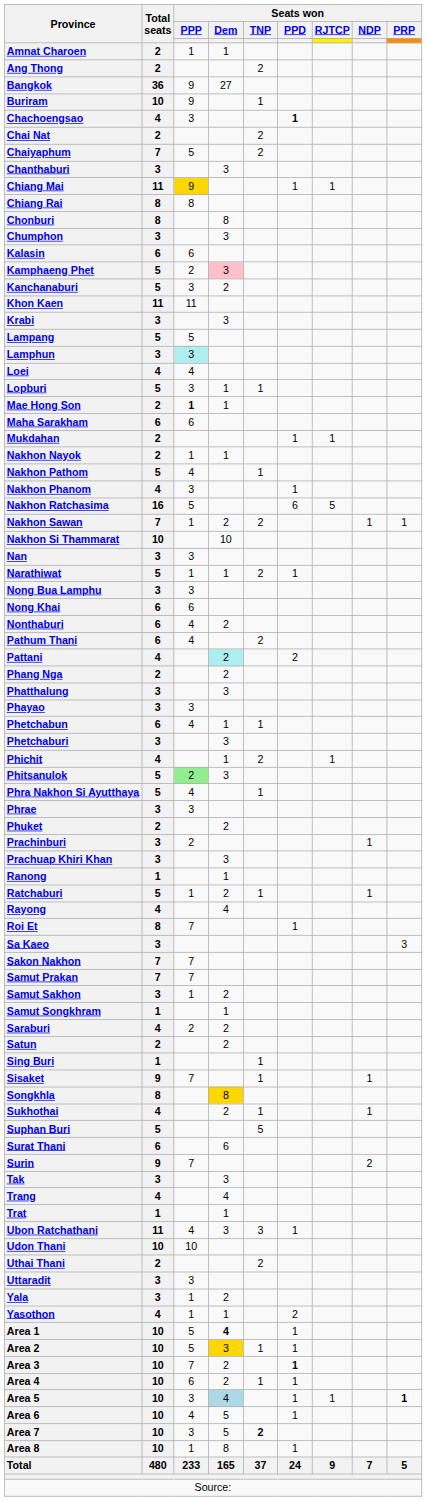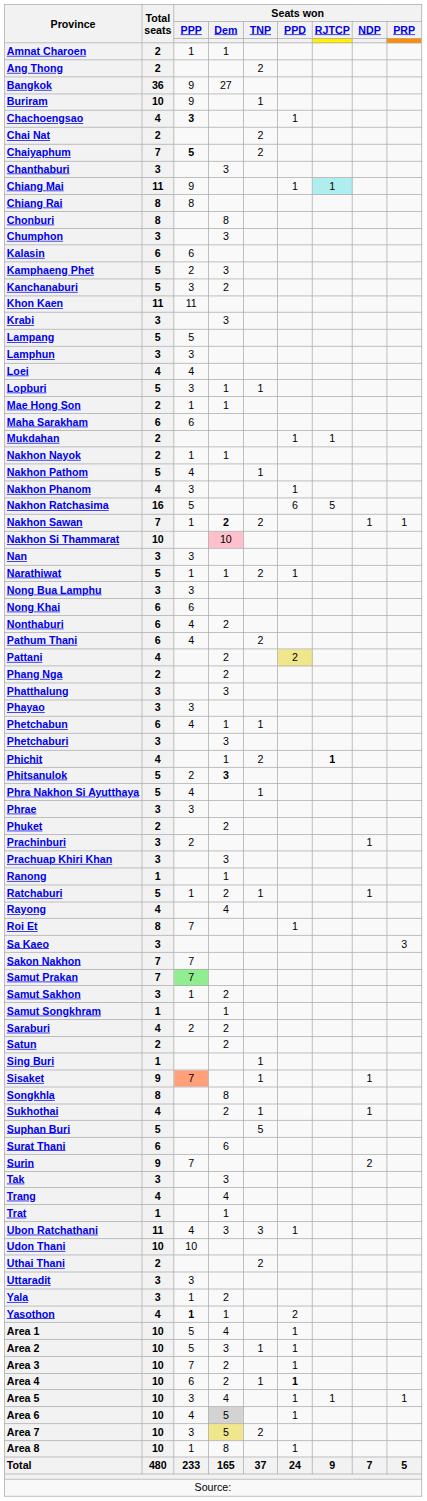 <table class="wikitable" style="text-align:center; font-size: 0.9em;">
 <tr>
 <th rowspan="3">Province</th>
 <th rowspan="3">Total<br>seats</th>
 <th colspan="7">Seats won</th>
 </tr>
 <tr>
 <th class="unsortable" style="width:40px;"><a href='#'>PPP</a></th>
 <th class="unsortable" style="width:40px;"><a href='#'>Dem</a></th>
 <th class="unsortable" style="width:40px;"><a href='#'>TNP</a></th>
 <th class="unsortable" style="width:40px;"><a href='#'>PPD</a></th>
 <th class="unsortable" style="width:40px;"><a href='#'>RJTCP</a></th>
 <th class="unsortable" style="width:40px;"><a href='#'>NDP</a></th>
 <th class="unsortable" style="width:40px;"><a href='#'>PRP</a></th>
 </tr>
 <tr>
 <th style="background:"></th>
 <th style="background:"></th>
 <th style="background:"></th>
 <th style="background:"></th>
 <th style="background:#FFEF00;"></th>
 <th style="background:"></th>
 <th style="background:#FF8C00;"></th>
 </tr>
 <tr>
 <th style="text-align: left;"><a href='#'>Amnat Charoen</a></th>
 <th>2</th>
 <td>1</td>
 <td>1</td>
 <td></td>
 <td></td>
 <td></td>
 <td></td>
 <td></td>
 </tr>
 <tr>
 <th style="text-align: left;"><a href='#'>Ang Thong</a></th>
 <th>2</th>
 <td></td>
 <td></td>
 <td>2</td>
 <td></td>
 <td></td>
 <td></td>
 <td></td>
 </tr>
 <tr>
 <th style="text-align: left;"><a href='#'>Bangkok</a></th>
 <th>36</th>
 <td>9</td>
 <td>27</td>
 <td></td>
 <td></td>
 <td></td>
 <td></td>
 <td></td>
 </tr>
 <tr>
 <th style="text-align: left;"><a href='#'>Buriram</a></th>
 <th>10</th>
 <td>9</td>
 <td></td>
 <td>1</td>
 <td></td>
 <td></td>
 <td></td>
 <td></td>
 </tr>
 <tr>
 <th style="text-align: left;"><a href='#'>Chachoengsao</a></th>
 <th>4</th>
-<td>3</td>
+<td><strong>3</strong></td>
 <td></td>
 <td></td>
-<td><strong>1</strong></td>
+<td>1</td>
 <td></td>
 <td></td>
 <td></td>
 </tr>
 <tr>
 <th style="text-align: left;"><a href='#'>Chai Nat</a></th>
 <th>2</th>
 <td></td>
 <td></td>
 <td>2</td>
 <td></td>
 <td></td>
 <td></td>
 <td></td>
 </tr>
 <tr>
 <th style="text-align: left;"><a href='#'>Chaiyaphum</a></th>
 <th>7</th>
-<td>5</td>
+<td><strong>5</strong></td>
 <td></td>
 <td>2</td>
 <td></td>
 <td></td>
 <td></td>
 <td></td>
 </tr>
 <tr>
 <th style="text-align: left;"><a href='#'>Chanthaburi</a></th>
 <th>3</th>
 <td></td>
 <td>3</td>
 <td></td>
 <td></td>
 <td></td>
 <td></td>
 <td></td>
 </tr>
 <tr>
 <th style="text-align: left;"><a href='#'>Chiang Mai</a></th>
 <th>11</th>
-<td style="background: gold;">9</td>
+<td>9</td>
 <td></td>
 <td></td>
 <td>1</td>
-<td>1</td>
+<td style="background: paleturquoise;">1</td>
 <td></td>
 <td></td>
 </tr>
 <tr>
 <th style="text-align: left;"><a href='#'>Chiang Rai</a></th>
 <th>8</th>
 <td>8</td>
 <td></td>
 <td></td>
 <td></td>
 <td></td>
 <td></td>
 <td></td>
 </tr>
 <tr>
 <th style="text-align: left;"><a href='#'>Chonburi</a></th>
 <th>8</th>
 <td></td>
 <td>8</td>
 <td></td>
 <td></td>
 <td></td>
 <td></td>
 <td></td>
 </tr>
 <tr>
 <th style="text-align: left;"><a href='#'>Chumphon</a></th>
 <th>3</th>
 <td></td>
 <td>3</td>
 <td></td>
 <td></td>
 <td></td>
 <td></td>
 <td></td>
 </tr>
 <tr>
 <th style="text-align: left;"><a href='#'>Kalasin</a></th>
 <th>6</th>
 <td>6</td>
 <td></td>
 <td></td>
 <td></td>
 <td></td>
 <td></td>
 <td></td>
 </tr>
 <tr>
 <th style="text-align: left;"><a href='#'>Kamphaeng Phet</a></th>
 <th>5</th>
 <td>2</td>
-<td style="background: pink;">3</td>
+<td>3</td>
 <td></td>
 <td></td>
 <td></td>
 <td></td>
 <td></td>
 </tr>
 <tr>
 <th style="text-align: left;"><a href='#'>Kanchanaburi</a></th>
 <th>5</th>
 <td>3</td>
 <td>2</td>
 <td></td>
 <td></td>
 <td></td>
 <td></td>
 <td></td>
 </tr>
 <tr>
 <th style="text-align: left;"><a href='#'>Khon Kaen</a></th>
 <th>11</th>
 <td>11</td>
 <td></td>
 <td></td>
 <td></td>
 <td></td>
 <td></td>
 <td></td>
 </tr>
 <tr>
 <th style="text-align: left;"><a href='#'>Krabi</a></th>
 <th>3</th>
 <td></td>
 <td>3</td>
 <td></td>
 <td></td>
 <td></td>
 <td></td>
 <td></td>
 </tr>
 <tr>
 <th style="text-align: left;"><a href='#'>Lampang</a></th>
 <th>5</th>
 <td>5</td>
 <td></td>
 <td></td>
 <td></td>
 <td></td>
 <td></td>
 <td></td>
 </tr>
 <tr>
 <th style="text-align: left;"><a href='#'>Lamphun</a></th>
 <th>3</th>
-<td style="background: paleturquoise;">3</td>
+<td>3</td>
 <td></td>
 <td></td>
 <td></td>
 <td></td>
 <td></td>
 <td></td>
 </tr>
 <tr>
 <th style="text-align: left;"><a href='#'>Loei</a></th>
 <th>4</th>
 <td>4</td>
 <td></td>
 <td></td>
 <td></td>
 <td></td>
 <td></td>
 <td></td>
 </tr>
 <tr>
 <th style="text-align: left;"><a href='#'>Lopburi</a></th>
 <th>5</th>
 <td>3</td>
 <td>1</td>
 <td>1</td>
 <td></td>
 <td></td>
 <td></td>
 <td></td>
 </tr>
 <tr>
 <th style="text-align: left;"><a href='#'>Mae Hong Son</a></th>
 <th>2</th>
-<td><strong>1</strong></td>
+<td>1</td>
 <td>1</td>
 <td></td>
 <td></td>
 <td></td>
 <td></td>
 <td></td>
 </tr>
 <tr>
 <th style="text-align: left;"><a href='#'>Maha Sarakham</a></th>
 <th>6</th>
 <td>6</td>
 <td></td>
 <td></td>
 <td></td>
 <td></td>
 <td></td>
 <td></td>
 </tr>
 <tr>
 <th style="text-align: left;"><a href='#'>Mukdahan</a></th>
 <th>2</th>
 <td></td>
 <td></td>
 <td></td>
 <td>1</td>
 <td>1</td>
 <td></td>
 <td></td>
 </tr>
 <tr>
 <th style="text-align: left;"><a href='#'>Nakhon Nayok</a></th>
 <th>2</th>
 <td>1</td>
 <td>1</td>
 <td></td>
 <td></td>
 <td></td>
 <td></td>
 <td></td>
 </tr>
 <tr>
 <th style="text-align: left;"><a href='#'>Nakhon Pathom</a></th>
 <th>5</th>
 <td>4</td>
 <td></td>
 <td>1</td>
 <td></td>
 <td></td>
 <td></td>
 <td></td>
 </tr>
 <tr>
 <th style="text-align: left;"><a href='#'>Nakhon Phanom</a></th>
 <th>4</th>
 <td>3</td>
 <td></td>
 <td></td>
 <td>1</td>
 <td></td>
 <td></td>
 <td></td>
 </tr>
 <tr>
 <th style="text-align: left;"><a href='#'>Nakhon Ratchasima</a></th>
 <th>16</th>
 <td>5</td>
 <td></td>
 <td></td>
 <td>6</td>
 <td>5</td>
 <td></td>
 <td></td>
 </tr>
 <tr>
 <th style="text-align: left;"><a href='#'>Nakhon Sawan</a></th>
 <th>7</th>
 <td>1</td>
-<td>2</td>
+<td><strong>2</strong></td>
 <td>2</td>
 <td></td>
 <td></td>
 <td>1</td>
 <td>1</td>
 </tr>
 <tr>
 <th style="text-align: left;"><a href='#'>Nakhon Si Thammarat</a></th>
 <th>10</th>
 <td></td>
-<td>10</td>
+<td style="background: pink;">10</td>
 <td></td>
 <td></td>
 <td></td>
 <td></td>
 <td></td>
 </tr>
 <tr>
 <th style="text-align: left;"><a href='#'>Nan</a></th>
 <th>3</th>
 <td>3</td>
 <td></td>
 <td></td>
 <td></td>
 <td></td>
 <td></td>
 <td></td>
 </tr>
 <tr>
 <th style="text-align: left;"><a href='#'>Narathiwat</a></th>
 <th>5</th>
 <td>1</td>
 <td>1</td>
 <td>2</td>
 <td>1</td>
 <td></td>
 <td></td>
 <td></td>
 </tr>
 <tr>
 <th style="text-align: left;"><a href='#'>Nong Bua Lamphu</a></th>
 <th>3</th>
 <td>3</td>
 <td></td>
 <td></td>
 <td></td>
 <td></td>
 <td></td>
 <td></td>
 </tr>
 <tr>
 <th style="text-align: left;"><a href='#'>Nong Khai</a></th>
 <th>6</th>
 <td>6</td>
 <td></td>
 <td></td>
 <td></td>
 <td></td>
 <td></td>
 <td></td>
 </tr>
 <tr>
 <th style="text-align: left;"><a href='#'>Nonthaburi</a></th>
 <th>6</th>
 <td>4</td>
 <td>2</td>
 <td></td>
 <td></td>
 <td></td>
 <td></td>
 <td></td>
 </tr>
 <tr>
 <th style="text-align: left;"><a href='#'>Pathum Thani</a></th>
 <th>6</th>
 <td>4</td>
 <td></td>
 <td>2</td>
 <td></td>
 <td></td>
 <td></td>
 <td></td>
 </tr>
 <tr>
 <th style="text-align: left;"><a href='#'>Pattani</a></th>
 <th>4</th>
 <td></td>
-<td style="background: paleturquoise;">2</td>
+<td>2</td>
 <td></td>
-<td>2</td>
+<td style="background: khaki;">2</td>
 <td></td>
 <td></td>
 <td></td>
 </tr>
 <tr>
 <th style="text-align: left;"><a href='#'>Phang Nga</a></th>
 <th>2</th>
 <td></td>
 <td>2</td>
 <td></td>
 <td></td>
 <td></td>
 <td></td>
 <td></td>
 </tr>
 <tr>
 <th style="text-align: left;"><a href='#'>Phatthalung</a></th>
 <th>3</th>
 <td></td>
 <td>3</td>
 <td></td>
 <td></td>
 <td></td>
 <td></td>
 <td></td>
 </tr>
 <tr>
 <th style="text-align: left;"><a href='#'>Phayao</a></th>
 <th>3</th>
 <td>3</td>
 <td></td>
 <td></td>
 <td></td>
 <td></td>
 <td></td>
 <td></td>
 </tr>
 <tr>
 <th style="text-align: left;"><a href='#'>Phetchabun</a></th>
 <th>6</th>
 <td>4</td>
 <td>1</td>
 <td>1</td>
 <td></td>
 <td></td>
 <td></td>
 <td></td>
 </tr>
 <tr>
 <th style="text-align: left;"><a href='#'>Phetchaburi</a></th>
 <th>3</th>
 <td></td>
 <td>3</td>
 <td></td>
 <td></td>
 <td></td>
 <td></td>
 <td></td>
 </tr>
 <tr>
 <th style="text-align: left;"><a href='#'>Phichit</a></th>
 <th>4</th>
 <td></td>
 <td>1</td>
 <td>2</td>
 <td></td>
-<td>1</td>
+<td><strong>1</strong></td>
 <td></td>
 <td></td>
 </tr>
 <tr>
 <th style="text-align: left;"><a href='#'>Phitsanulok</a></th>
 <th>5</th>
-<td style="background: lightgreen;">2</td>
-<td>3</td>
+<td>2</td>
+<td><strong>3</strong></td>
 <td></td>
 <td></td>
 <td></td>
 <td></td>
 <td></td>
 </tr>
 <tr>
 <th style="text-align: left;"><a href='#'>Phra Nakhon Si Ayutthaya</a></th>
 <th>5</th>
 <td>4</td>
 <td></td>
 <td>1</td>
 <td></td>
 <td></td>
 <td></td>
 <td></td>
 </tr>
 <tr>
 <th style="text-align: left;"><a href='#'>Phrae</a></th>
 <th>3</th>
 <td>3</td>
 <td></td>
 <td></td>
 <td></td>
 <td></td>
 <td></td>
 <td></td>
 </tr>
 <tr>
 <th style="text-align: left;"><a href='#'>Phuket</a></th>
 <th>2</th>
 <td></td>
 <td>2</td>
 <td></td>
 <td></td>
 <td></td>
 <td></td>
 <td></td>
 </tr>
 <tr>
 <th style="text-align: left;"><a href='#'>Prachinburi</a></th>
 <th>3</th>
 <td>2</td>
 <td></td>
 <td></td>
 <td></td>
 <td></td>
 <td>1</td>
 <td></td>
 </tr>
 <tr>
 <th style="text-align: left;"><a href='#'>Prachuap Khiri Khan</a></th>
 <th>3</th>
 <td></td>
 <td>3</td>
 <td></td>
 <td></td>
 <td></td>
 <td></td>
 <td></td>
 </tr>
 <tr>
 <th style="text-align: left;"><a href='#'>Ranong</a></th>
 <th>1</th>
 <td></td>
 <td>1</td>
 <td></td>
 <td></td>
 <td></td>
 <td></td>
 <td></td>
 </tr>
 <tr>
 <th style="text-align: left;"><a href='#'>Ratchaburi</a></th>
 <th>5</th>
 <td>1</td>
 <td>2</td>
 <td>1</td>
 <td></td>
 <td></td>
 <td>1</td>
 <td></td>
 </tr>
 <tr>
 <th style="text-align: left;"><a href='#'>Rayong</a></th>
 <th>4</th>
 <td></td>
 <td>4</td>
 <td></td>
 <td></td>
 <td></td>
 <td></td>
 <td></td>
 </tr>
 <tr>
 <th style="text-align: left;"><a href='#'>Roi Et</a></th>
 <th>8</th>
 <td>7</td>
 <td></td>
 <td></td>
 <td>1</td>
 <td></td>
 <td></td>
 <td></td>
 </tr>
 <tr>
 <th style="text-align: left;"><a href='#'>Sa Kaeo</a></th>
 <th>3</th>
 <td></td>
 <td></td>
 <td></td>
 <td></td>
 <td></td>
 <td></td>
 <td>3</td>
 </tr>
 <tr>
 <th style="text-align: left;"><a href='#'>Sakon Nakhon</a></th>
 <th>7</th>
 <td>7</td>
 <td></td>
 <td></td>
 <td></td>
 <td></td>
 <td></td>
 <td></td>
 </tr>
 <tr>
 <th style="text-align: left;"><a href='#'>Samut Prakan</a></th>
 <th>7</th>
-<td>7</td>
+<td style="background: lightgreen;">7</td>
 <td></td>
 <td></td>
 <td></td>
 <td></td>
 <td></td>
 <td></td>
 </tr>
 <tr>
 <th style="text-align: left;"><a href='#'>Samut Sakhon</a></th>
 <th>3</th>
 <td>1</td>
 <td>2</td>
 <td></td>
 <td></td>
 <td></td>
 <td></td>
 <td></td>
 </tr>
 <tr>
 <th style="text-align: left;"><a href='#'>Samut Songkhram</a></th>
 <th>1</th>
 <td></td>
 <td>1</td>
 <td></td>
 <td></td>
 <td></td>
 <td></td>
 <td></td>
 </tr>
 <tr>
 <th style="text-align: left;"><a href='#'>Saraburi</a></th>
 <th>4</th>
 <td>2</td>
 <td>2</td>
 <td></td>
 <td></td>
 <td></td>
 <td></td>
 <td></td>
 </tr>
 <tr>
 <th style="text-align: left;"><a href='#'>Satun</a></th>
 <th>2</th>
 <td></td>
 <td>2</td>
 <td></td>
 <td></td>
 <td></td>
 <td></td>
 <td></td>
 </tr>
 <tr>
 <th style="text-align: left;"><a href='#'>Sing Buri</a></th>
 <th>1</th>
 <td></td>
 <td></td>
 <td>1</td>
 <td></td>
 <td></td>
 <td></td>
 <td></td>
 </tr>
 <tr>
 <th style="text-align: left;"><a href='#'>Sisaket</a></th>
 <th>9</th>
-<td>7</td>
+<td style="background: lightsalmon;">7</td>
 <td></td>
 <td>1</td>
 <td></td>
 <td></td>
 <td>1</td>
 <td></td>
 </tr>
 <tr>
 <th style="text-align: left;"><a href='#'>Songkhla</a></th>
 <th>8</th>
 <td></td>
-<td style="background: gold;">8</td>
+<td>8</td>
 <td></td>
 <td></td>
 <td></td>
 <td></td>
 <td></td>
 </tr>
 <tr>
 <th style="text-align: left;"><a href='#'>Sukhothai</a></th>
 <th>4</th>
 <td></td>
 <td>2</td>
 <td>1</td>
 <td></td>
 <td></td>
 <td>1</td>
 <td></td>
 </tr>
 <tr>
 <th style="text-align: left;"><a href='#'>Suphan Buri</a></th>
 <th>5</th>
 <td></td>
 <td></td>
 <td>5</td>
 <td></td>
 <td></td>
 <td></td>
 <td></td>
 </tr>
 <tr>
 <th style="text-align: left;"><a href='#'>Surat Thani</a></th>
 <th>6</th>
 <td></td>
 <td>6</td>
 <td></td>
 <td></td>
 <td></td>
 <td></td>
 <td></td>
 </tr>
 <tr>
 <th style="text-align: left;"><a href='#'>Surin</a></th>
 <th>9</th>
 <td>7</td>
 <td></td>
 <td></td>
 <td></td>
 <td></td>
 <td>2</td>
 <td></td>
 </tr>
 <tr>
 <th style="text-align: left;"><a href='#'>Tak</a></th>
 <th>3</th>
 <td></td>
 <td>3</td>
 <td></td>
 <td></td>
 <td></td>
 <td></td>
 <td></td>
 </tr>
 <tr>
 <th style="text-align: left;"><a href='#'>Trang</a></th>
 <th>4</th>
 <td></td>
 <td>4</td>
 <td></td>
 <td></td>
 <td></td>
 <td></td>
 <td></td>
 </tr>
 <tr>
 <th style="text-align: left;"><a href='#'>Trat</a></th>
 <th>1</th>
 <td></td>
 <td>1</td>
 <td></td>
 <td></td>
 <td></td>
 <td></td>
 <td></td>
 </tr>
 <tr>
 <th style="text-align: left;"><a href='#'>Ubon Ratchathani</a></th>
 <th>11</th>
 <td>4</td>
 <td>3</td>
 <td>3</td>
 <td>1</td>
 <td></td>
 <td></td>
 <td></td>
 </tr>
 <tr>
 <th style="text-align: left;"><a href='#'>Udon Thani</a></th>
 <th>10</th>
 <td>10</td>
 <td></td>
 <td></td>
 <td></td>
 <td></td>
 <td></td>
 <td></td>
 </tr>
 <tr>
 <th style="text-align: left;"><a href='#'>Uthai Thani</a></th>
 <th>2</th>
 <td></td>
 <td></td>
 <td>2</td>
 <td></td>
 <td></td>
 <td></td>
 <td></td>
 </tr>
 <tr>
 <th style="text-align: left;"><a href='#'>Uttaradit</a></th>
 <th>3</th>
 <td>3</td>
 <td></td>
 <td></td>
 <td></td>
 <td></td>
 <td></td>
 <td></td>
 </tr>
 <tr>
 <th style="text-align: left;"><a href='#'>Yala</a></th>
 <th>3</th>
 <td>1</td>
 <td>2</td>
 <td></td>
 <td></td>
 <td></td>
 <td></td>
 <td></td>
 </tr>
 <tr>
 <th style="text-align: left;"><a href='#'>Yasothon</a></th>
 <th>4</th>
-<td>1</td>
+<td><strong>1</strong></td>
 <td>1</td>
 <td></td>
 <td>2</td>
 <td></td>
 <td></td>
 <td></td>
 </tr>
 <tr>
 <th style="text-align: left;">Area 1</th>
 <th>10</th>
 <td>5</td>
-<td><strong>4</strong></td>
+<td>4</td>
 <td></td>
 <td>1</td>
 <td></td>
 <td></td>
 <td></td>
 </tr>
 <tr>
 <th style="text-align: left;">Area 2</th>
 <th>10</th>
 <td>5</td>
-<td style="background: gold;">3</td>
+<td>3</td>
 <td>1</td>
 <td>1</td>
 <td></td>
 <td></td>
 <td></td>
 </tr>
 <tr>
 <th style="text-align: left;">Area 3</th>
 <th>10</th>
 <td>7</td>
 <td>2</td>
 <td></td>
-<td><strong>1</strong></td>
+<td>1</td>
 <td></td>
 <td></td>
 <td></td>
 </tr>
 <tr>
 <th style="text-align: left;">Area 4</th>
 <th>10</th>
 <td>6</td>
 <td>2</td>
 <td>1</td>
-<td>1</td>
+<td><strong>1</strong></td>
 <td></td>
 <td></td>
 <td></td>
 </tr>
 <tr>
 <th style="text-align: left;">Area 5</th>
 <th>10</th>
 <td>3</td>
-<td style="background: lightblue;">4</td>
+<td>4</td>
 <td></td>
 <td>1</td>
 <td>1</td>
 <td></td>
-<td><strong>1</strong></td>
+<td>1</td>
 </tr>
 <tr>
 <th style="text-align: left;">Area 6</th>
 <th>10</th>
 <td>4</td>
-<td>5</td>
+<td style="background: lightgrey;">5</td>
 <td></td>
 <td>1</td>
 <td></td>
 <td></td>
 <td></td>
 </tr>
 <tr>
 <th style="text-align: left;">Area 7</th>
 <th>10</th>
 <td>3</td>
-<td>5</td>
-<td><strong>2</strong></td>
+<td style="background: khaki;">5</td>
+<td>2</td>
 <td></td>
 <td></td>
 <td></td>
 <td></td>
 </tr>
 <tr>
 <th style="text-align: left;">Area 8</th>
 <th>10</th>
 <td>1</td>
 <td>8</td>
 <td></td>
 <td>1</td>
 <td></td>
 <td></td>
 <td></td>
 </tr>
 <tr class="sortbottom">
 <th style="text-align: left;">Total</th>
 <th>480</th>
 <th>233</th>
 <th>165</th>
 <th>37</th>
 <th>24</th>
 <th>9</th>
 <th>7</th>
 <th>5</th>
 </tr>
 <tr>
 <th colspan="9"></th>
 </tr>
 <tr>
 <td colspan="9">Source: </td>
 </tr>
 </table>
